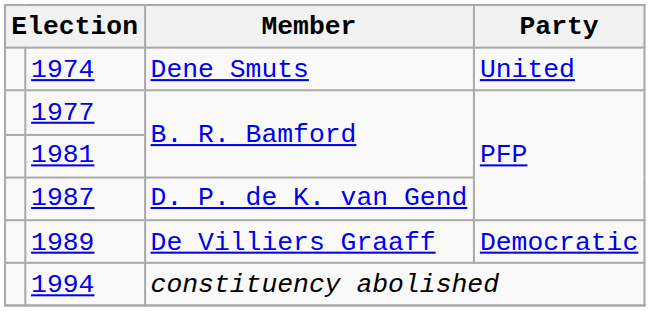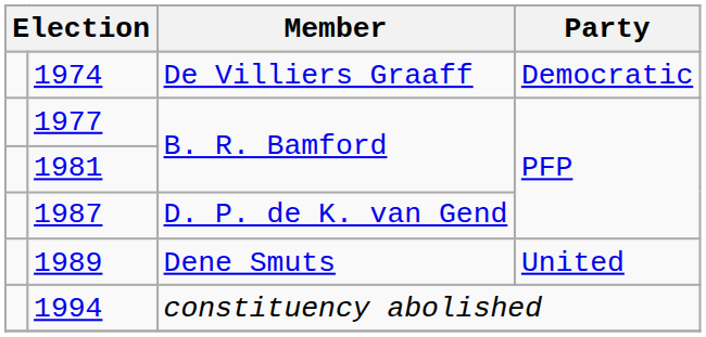 <table class="wikitable">
 <tr>
 <th colspan="2">Election</th>
 <th>Member</th>
 <th>Party</th>
 </tr>
 <tr>
 <td style="background-color: "></td>
 <td><a href='#'>1974</a></td>
-<td><a href='#'>Dene Smuts</a></td>
-<td><a href='#'>United</a></td>
+<td><a href='#'>De Villiers Graaff</a></td>
+<td><a href='#'>Democratic</a></td>
 </tr>
 <tr>
 <td style="background-color: "></td>
 <td><a href='#'>1977</a></td>
 <td rowspan="2"><a href='#'>B. R. Bamford</a></td>
 <td rowspan="3"><a href='#'>PFP</a></td>
 </tr>
 <tr>
 <td style="background-color: "></td>
 <td><a href='#'>1981</a></td>
 </tr>
 <tr>
 <td style="background-color: "></td>
 <td><a href='#'>1987</a></td>
 <td><a href='#'>D. P. de K. van Gend</a></td>
 </tr>
 <tr>
 <td style="background-color: "></td>
 <td><a href='#'>1989</a></td>
-<td><a href='#'>De Villiers Graaff</a></td>
-<td><a href='#'>Democratic</a></td>
+<td><a href='#'>Dene Smuts</a></td>
+<td><a href='#'>United</a></td>
 </tr>
 <tr>
 <td style="background-color: "></td>
 <td><a href='#'>1994</a></td>
 <td colspan="2"><em>constituency abolished</em></td>
 </tr>
 <tr>
 </tr>
 </table>
